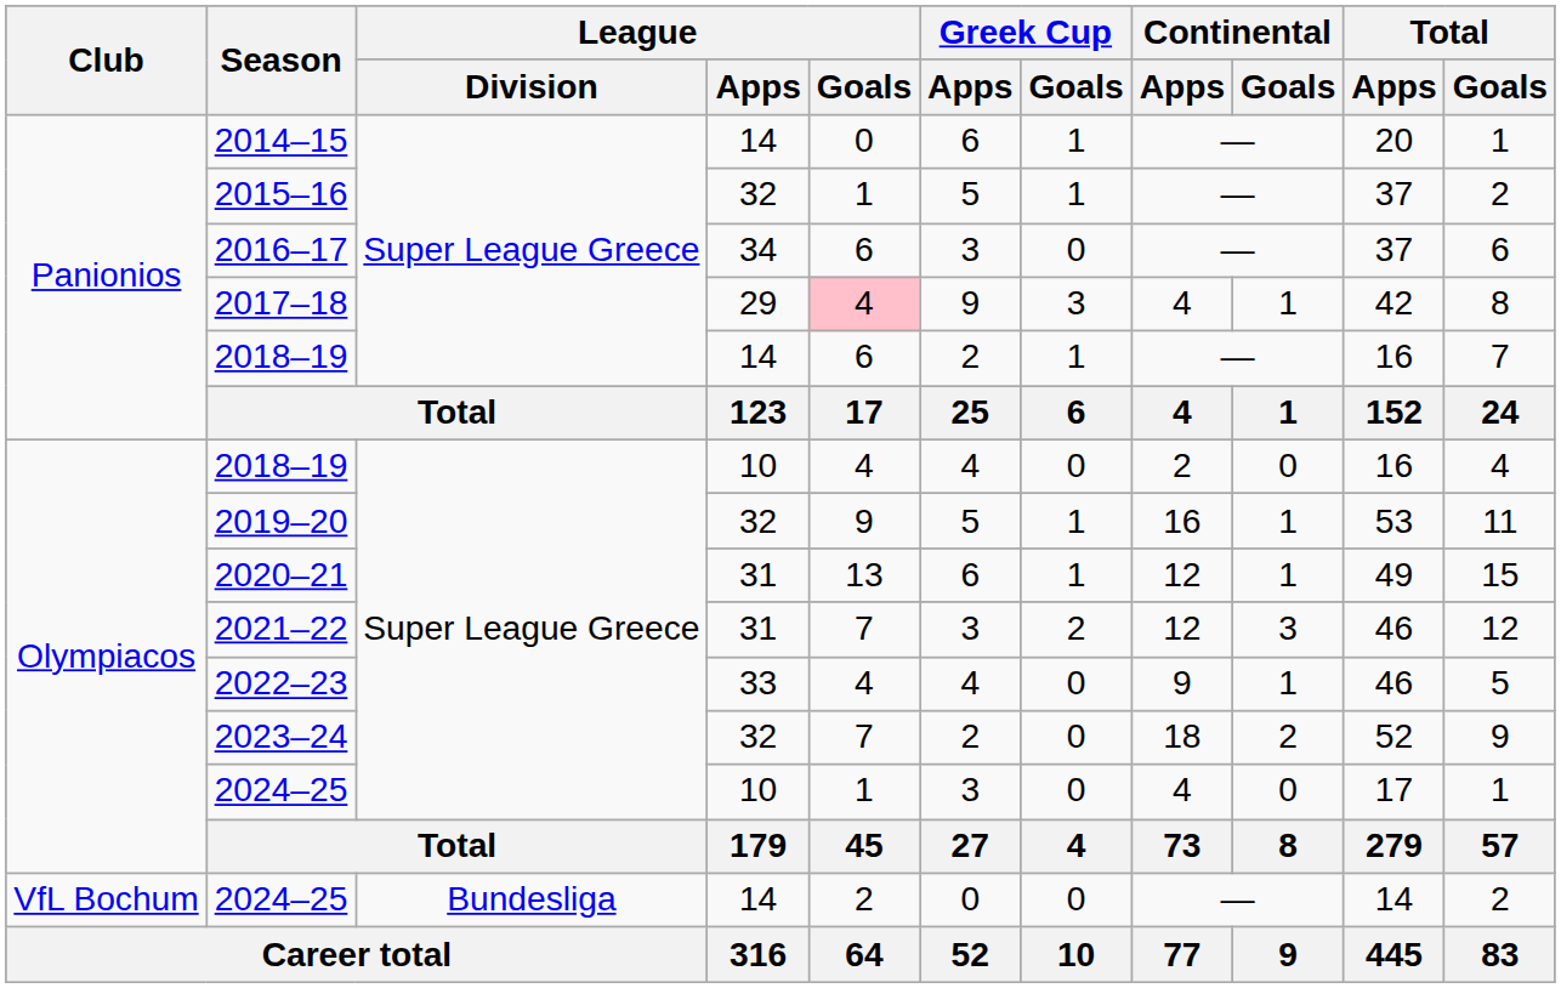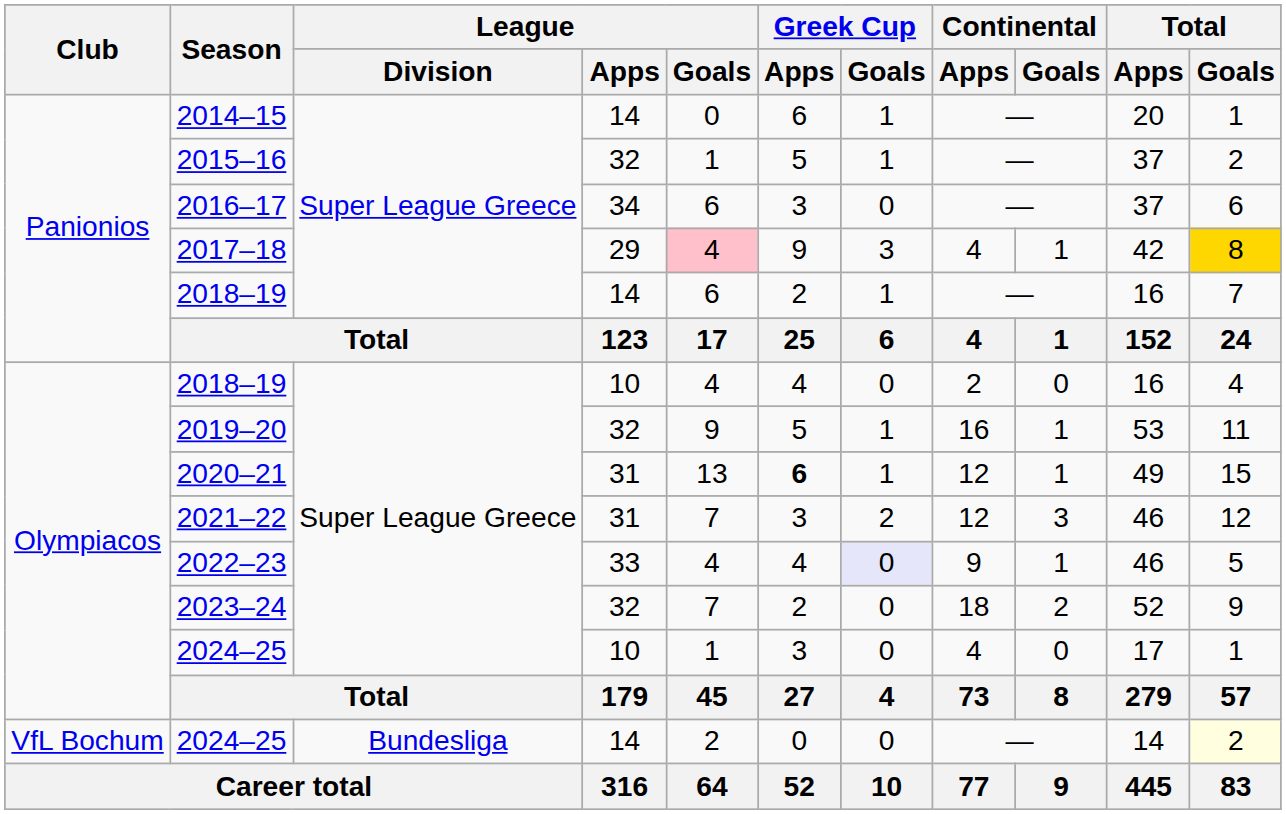 <table class="wikitable" style="text-align:center">
 <tr>
 <th rowspan="2">Club</th>
 <th rowspan="2">Season</th>
 <th colspan="3">League</th>
 <th colspan="2"><a href='#'>Greek Cup</a></th>
 <th colspan="2">Continental</th>
 <th colspan="2">Total</th>
 </tr>
 <tr>
 <th>Division</th>
 <th>Apps</th>
 <th>Goals</th>
 <th>Apps</th>
 <th>Goals</th>
 <th>Apps</th>
 <th>Goals</th>
 <th>Apps</th>
 <th>Goals</th>
 </tr>
 <tr>
 <td rowspan="6"><a href='#'>Panionios</a></td>
 <td><a href='#'>2014–15</a></td>
 <td rowspan="5"><a href='#'>Super League Greece</a></td>
 <td>14</td>
 <td>0</td>
 <td>6</td>
 <td>1</td>
 <td colspan="2">—</td>
 <td>20</td>
 <td>1</td>
 </tr>
 <tr>
 <td><a href='#'>2015–16</a></td>
 <td>32</td>
 <td>1</td>
 <td>5</td>
 <td>1</td>
 <td colspan="2">—</td>
 <td>37</td>
 <td>2</td>
 </tr>
 <tr>
 <td><a href='#'>2016–17</a></td>
 <td>34</td>
 <td>6</td>
 <td>3</td>
 <td>0</td>
 <td colspan="2">—</td>
 <td>37</td>
 <td>6</td>
 </tr>
 <tr>
 <td><a href='#'>2017–18</a></td>
 <td>29</td>
 <td style="background: pink;">4</td>
 <td>9</td>
 <td>3</td>
 <td>4</td>
 <td>1</td>
 <td>42</td>
-<td>8</td>
+<td style="background: gold;">8</td>
 </tr>
 <tr>
 <td><a href='#'>2018–19</a></td>
 <td>14</td>
 <td>6</td>
 <td>2</td>
 <td>1</td>
 <td colspan="2">—</td>
 <td>16</td>
 <td>7</td>
 </tr>
 <tr>
 <th colspan="2">Total</th>
 <th>123</th>
 <th>17</th>
 <th>25</th>
 <th>6</th>
 <th>4</th>
 <th>1</th>
 <th>152</th>
 <th>24</th>
 </tr>
 <tr>
 <td rowspan="8"><a href='#'>Olympiacos</a></td>
 <td><a href='#'>2018–19</a></td>
 <td rowspan="7">Super League Greece</td>
 <td>10</td>
 <td>4</td>
 <td>4</td>
 <td>0</td>
 <td>2</td>
 <td>0</td>
 <td>16</td>
 <td>4</td>
 </tr>
 <tr>
 <td><a href='#'>2019–20</a></td>
 <td>32</td>
 <td>9</td>
 <td>5</td>
 <td>1</td>
 <td>16</td>
 <td>1</td>
 <td>53</td>
 <td>11</td>
 </tr>
 <tr>
 <td><a href='#'>2020–21</a></td>
 <td>31</td>
 <td>13</td>
-<td>6</td>
+<td><strong>6</strong></td>
 <td>1</td>
 <td>12</td>
 <td>1</td>
 <td>49</td>
 <td>15</td>
 </tr>
 <tr>
 <td><a href='#'>2021–22</a></td>
 <td>31</td>
 <td>7</td>
 <td>3</td>
 <td>2</td>
 <td>12</td>
 <td>3</td>
 <td>46</td>
 <td>12</td>
 </tr>
 <tr>
 <td><a href='#'>2022–23</a></td>
 <td>33</td>
 <td>4</td>
 <td>4</td>
-<td>0</td>
+<td style="background: lavender;">0</td>
 <td>9</td>
 <td>1</td>
 <td>46</td>
 <td>5</td>
 </tr>
 <tr>
 <td><a href='#'>2023–24</a></td>
 <td>32</td>
 <td>7</td>
 <td>2</td>
 <td>0</td>
 <td>18</td>
 <td>2</td>
 <td>52</td>
 <td>9</td>
 </tr>
 <tr>
 <td><a href='#'>2024–25</a></td>
 <td>10</td>
 <td>1</td>
 <td>3</td>
 <td>0</td>
 <td>4</td>
 <td>0</td>
 <td>17</td>
 <td>1</td>
 </tr>
 <tr>
 <th colspan="2">Total</th>
 <th>179</th>
 <th>45</th>
 <th>27</th>
 <th>4</th>
 <th>73</th>
 <th>8</th>
 <th>279</th>
 <th>57</th>
 </tr>
 <tr>
 <td><a href='#'>VfL Bochum</a></td>
 <td><a href='#'>2024–25</a></td>
 <td><a href='#'>Bundesliga</a></td>
 <td>14</td>
 <td>2</td>
 <td>0</td>
 <td>0</td>
 <td colspan="2">—</td>
 <td>14</td>
-<td>2</td>
+<td style="background: lightyellow;">2</td>
 </tr>
 <tr>
 <th colspan="3">Career total</th>
 <th>316</th>
 <th>64</th>
 <th>52</th>
 <th>10</th>
 <th>77</th>
 <th>9</th>
 <th>445</th>
 <th>83</th>
 </tr>
 </table>
